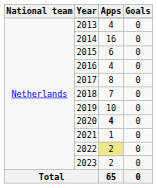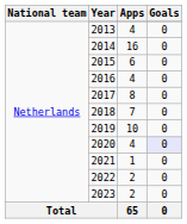 <table class="wikitable" style="text-align:center">
 <tr>
 <th>National team</th>
 <th>Year</th>
 <th>Apps</th>
 <th>Goals</th>
 </tr>
 <tr>
 <td rowspan="12"><a href='#'>Netherlands</a></td>
 </tr>
 <tr>
 <td>2013</td>
 <td>4</td>
 <td>0</td>
 </tr>
 <tr>
 <td>2014</td>
 <td>16</td>
 <td>0</td>
 </tr>
 <tr>
 <td>2015</td>
 <td>6</td>
 <td>0</td>
 </tr>
 <tr>
 <td>2016</td>
 <td>4</td>
 <td>0</td>
 </tr>
 <tr>
 <td>2017</td>
 <td>8</td>
 <td>0</td>
 </tr>
 <tr>
 <td>2018</td>
 <td>7</td>
 <td>0</td>
 </tr>
 <tr>
 <td>2019</td>
 <td>10</td>
 <td>0</td>
 </tr>
 <tr>
 <td>2020</td>
-<td><strong>4</strong></td>
-<td>0</td>
+<td>4</td>
+<td style="background: lavender;">0</td>
 </tr>
 <tr>
 <td>2021</td>
 <td>1</td>
 <td>0</td>
 </tr>
 <tr>
 <td>2022</td>
-<td style="background: khaki;">2</td>
+<td>2</td>
 <td>0</td>
 </tr>
 <tr>
 <td>2023</td>
 <td>2</td>
 <td>0</td>
 </tr>
 <tr>
 <th colspan="2">Total</th>
 <th>65</th>
 <th>0</th>
 </tr>
 </table>
